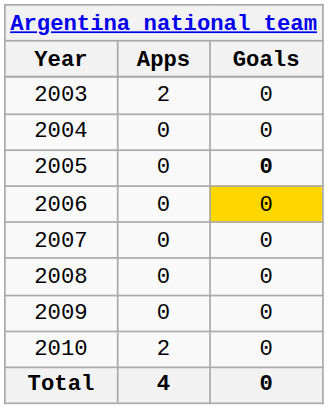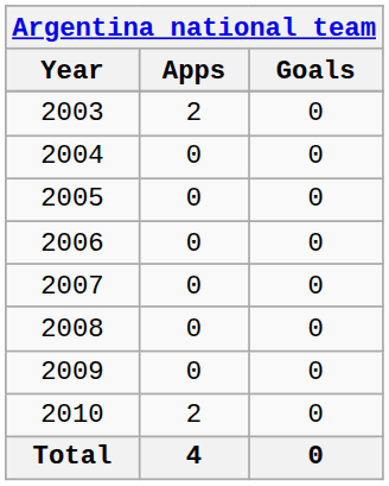 <table class="wikitable" style="text-align:center">
 <tr>
 <th colspan=3><a href='#'>Argentina national team</a></th>
 </tr>
 <tr>
 <th>Year</th>
 <th>Apps</th>
 <th>Goals</th>
 </tr>
 <tr>
 </tr>
 <tr>
 <td>2003</td>
 <td>2</td>
 <td>0</td>
 </tr>
 <tr>
 <td>2004</td>
 <td>0</td>
 <td>0</td>
 </tr>
 <tr>
 <td>2005</td>
 <td>0</td>
-<td><strong>0</strong></td>
+<td>0</td>
 </tr>
 <tr>
 <td>2006</td>
 <td>0</td>
-<td style="background: gold;">0</td>
+<td>0</td>
 </tr>
 <tr>
 <td>2007</td>
 <td>0</td>
 <td>0</td>
 </tr>
 <tr>
 <td>2008</td>
 <td>0</td>
 <td>0</td>
 </tr>
 <tr>
 <td>2009</td>
 <td>0</td>
 <td>0</td>
 </tr>
 <tr>
 <td>2010</td>
 <td>2</td>
 <td>0</td>
 </tr>
 <tr>
 <th>Total</th>
 <th>4</th>
 <th>0</th>
 </tr>
 </table>
